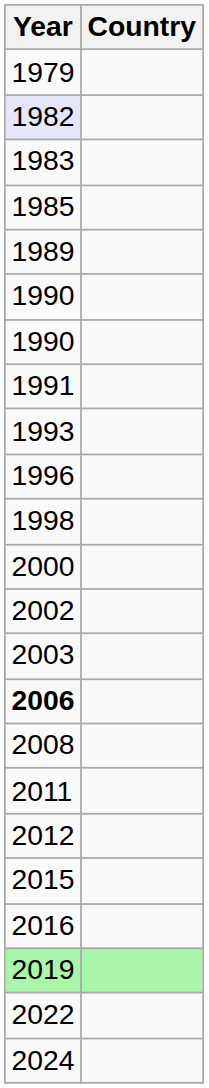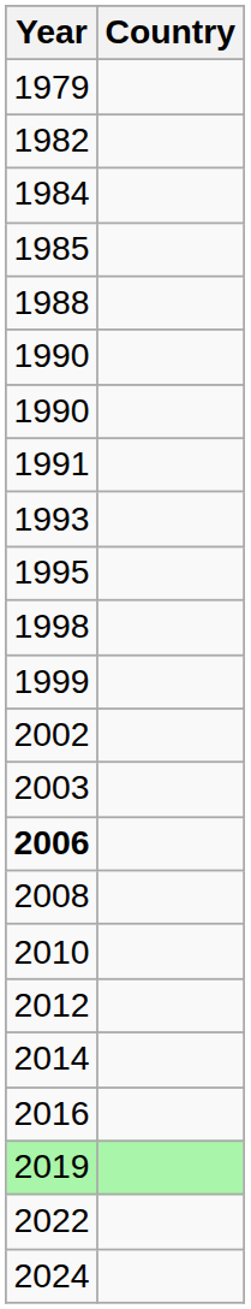 <table class="wikitable sortable">
 <tr>
 <th>Year</th>
 <th>Country</th>
 </tr>
 <tr>
 <td>1979</td>
 <td></td>
 </tr>
 <tr>
-<td style="background: lavender;">1982</td>
+<td>1982</td>
 <td></td>
 </tr>
 <tr>
-<td>1983</td>
+<td>1984</td>
 <td></td>
 </tr>
 <tr>
 <td>1985</td>
 <td></td>
 </tr>
 <tr>
-<td>1989</td>
+<td>1988</td>
 <td></td>
 </tr>
 <tr>
 <td>1990</td>
 <td></td>
 </tr>
 <tr>
 <td>1990</td>
 <td></td>
 </tr>
 <tr>
 <td>1991</td>
 <td></td>
 </tr>
 <tr>
 <td>1993</td>
 <td></td>
 </tr>
 <tr>
-<td>1996</td>
+<td>1995</td>
 <td></td>
 </tr>
 <tr>
 <td>1998</td>
 <td></td>
 </tr>
 <tr>
-<td>2000</td>
+<td>1999</td>
 <td></td>
 </tr>
 <tr>
 <td>2002</td>
 <td></td>
 </tr>
 <tr>
 <td>2003</td>
 <td></td>
 </tr>
 <tr>
 <td><strong>2006</strong></td>
 <td></td>
 </tr>
 <tr>
 <td>2008</td>
 <td></td>
 </tr>
 <tr>
-<td>2011</td>
+<td>2010</td>
 <td></td>
 </tr>
 <tr>
 <td>2012</td>
 <td></td>
 </tr>
 <tr>
-<td>2015</td>
+<td>2014</td>
 <td></td>
 </tr>
 <tr>
 <td>2016</td>
 <td></td>
 </tr>
 <tr bgcolor=#A9F5A9>
 <td>2019</td>
 <td></td>
 </tr>
 <tr>
 <td>2022</td>
 <td></td>
 </tr>
 <tr>
 <td>2024</td>
 <td></td>
 </tr>
 </table>
